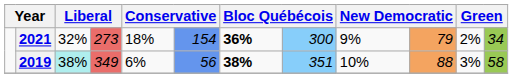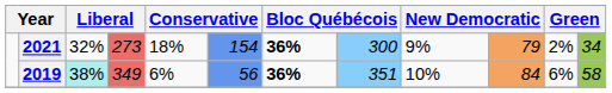 <table class="wikitable" style="width:400; font-size:90%; margin-left:1em;">
 <tr>
 <th colspan="2" scope="col">Year</th>
 <th colspan="2" scope="col"><a href='#'>Liberal</a></th>
 <th colspan="2" scope="col"><a href='#'>Conservative</a></th>
 <th colspan="2" scope="col"><a href='#'>Bloc Québécois</a></th>
 <th colspan="2" scope="col"><a href='#'>New Democratic</a></th>
 <th colspan="2" scope="col"><a href='#'>Green</a></th>
 </tr>
 <tr>
 <td rowspan="2" style="width: 0.25em; background-color: "></td>
 <th><a href='#'>2021</a></th>
 <td>32%</td>
 <td style="text-align:right; background:#EA6D6A;"><em>273</em></td>
 <td>18%</td>
 <td style="text-align:right; background:#6495ED;"><em>154</em></td>
 <td><strong>36%</strong></td>
 <td style="text-align:right; background:#87CEFA;"><em>300</em></td>
 <td>9%</td>
 <td style="text-align:right; background:#F4A460;"><em>79</em></td>
 <td>2%</td>
 <td style="text-align:right; background:#99C955;"><em>34</em></td>
 </tr>
 <tr>
 <th><a href='#'>2019</a></th>
 <td style="background: paleturquoise;">38%</td>
 <td style="text-align:right; background:#EA6D6A;"><em>349</em></td>
 <td>6%</td>
 <td style="text-align:right; background:#6495ED;"><em>56</em></td>
-<td><strong>38%</strong></td>
+<td><strong>36%</strong></td>
 <td style="text-align:right; background:#87CEFA;"><em>351</em></td>
 <td>10%</td>
-<td style="text-align:right; background:#F4A460;"><em>88</em></td>
-<td>3%</td>
+<td style="text-align:right; background:#F4A460;"><em>84</em></td>
+<td>6%</td>
 <td style="text-align:right; background:#99C955;"><em>58</em></td>
 </tr>
 <tr>
 </tr>
 </table>
